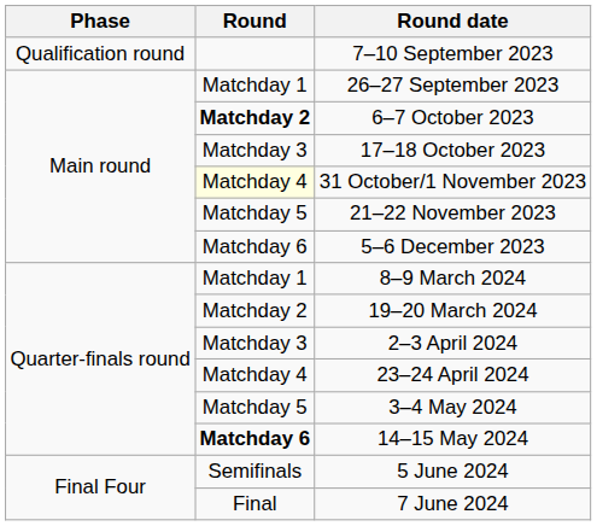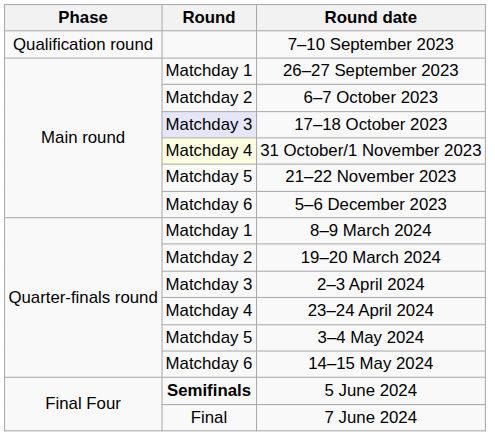 <table class="wikitable" style="text-align:center">
 <tr>
 <th>Phase</th>
 <th>Round</th>
 <th>Round date</th>
 </tr>
 <tr>
 <td>Qualification round</td>
 <td></td>
 <td>7–10 September 2023</td>
 </tr>
 <tr>
 <td rowspan=6>Main round</td>
 <td>Matchday 1</td>
 <td>26–27 September 2023</td>
 </tr>
 <tr>
-<td><strong>Matchday 2</strong></td>
+<td>Matchday 2</td>
 <td>6–7 October 2023</td>
 </tr>
 <tr>
-<td>Matchday 3</td>
+<td style="background: lavender;">Matchday 3</td>
 <td>17–18 October 2023</td>
 </tr>
 <tr>
 <td style="background: lightyellow;">Matchday 4</td>
 <td>31 October/1 November 2023</td>
 </tr>
 <tr>
 <td>Matchday 5</td>
 <td>21–22 November 2023</td>
 </tr>
 <tr>
 <td>Matchday 6</td>
 <td>5–6 December 2023</td>
 </tr>
 <tr>
 <td rowspan=6>Quarter-finals round</td>
 <td>Matchday 1</td>
 <td>8–9 March 2024</td>
 </tr>
 <tr>
 <td>Matchday 2</td>
 <td>19–20 March 2024</td>
 </tr>
 <tr>
 <td>Matchday 3</td>
 <td>2–3 April 2024</td>
 </tr>
 <tr>
 <td>Matchday 4</td>
 <td>23–24 April 2024</td>
 </tr>
 <tr>
 <td>Matchday 5</td>
 <td>3–4 May 2024</td>
 </tr>
 <tr>
-<td><strong>Matchday 6</strong></td>
+<td>Matchday 6</td>
 <td>14–15 May 2024</td>
 </tr>
 <tr>
 <td rowspan=2>Final Four</td>
-<td>Semifinals</td>
+<td><strong>Semifinals</strong></td>
 <td>5 June 2024</td>
 </tr>
 <tr>
 <td>Final</td>
 <td>7 June 2024</td>
 </tr>
 </table>
